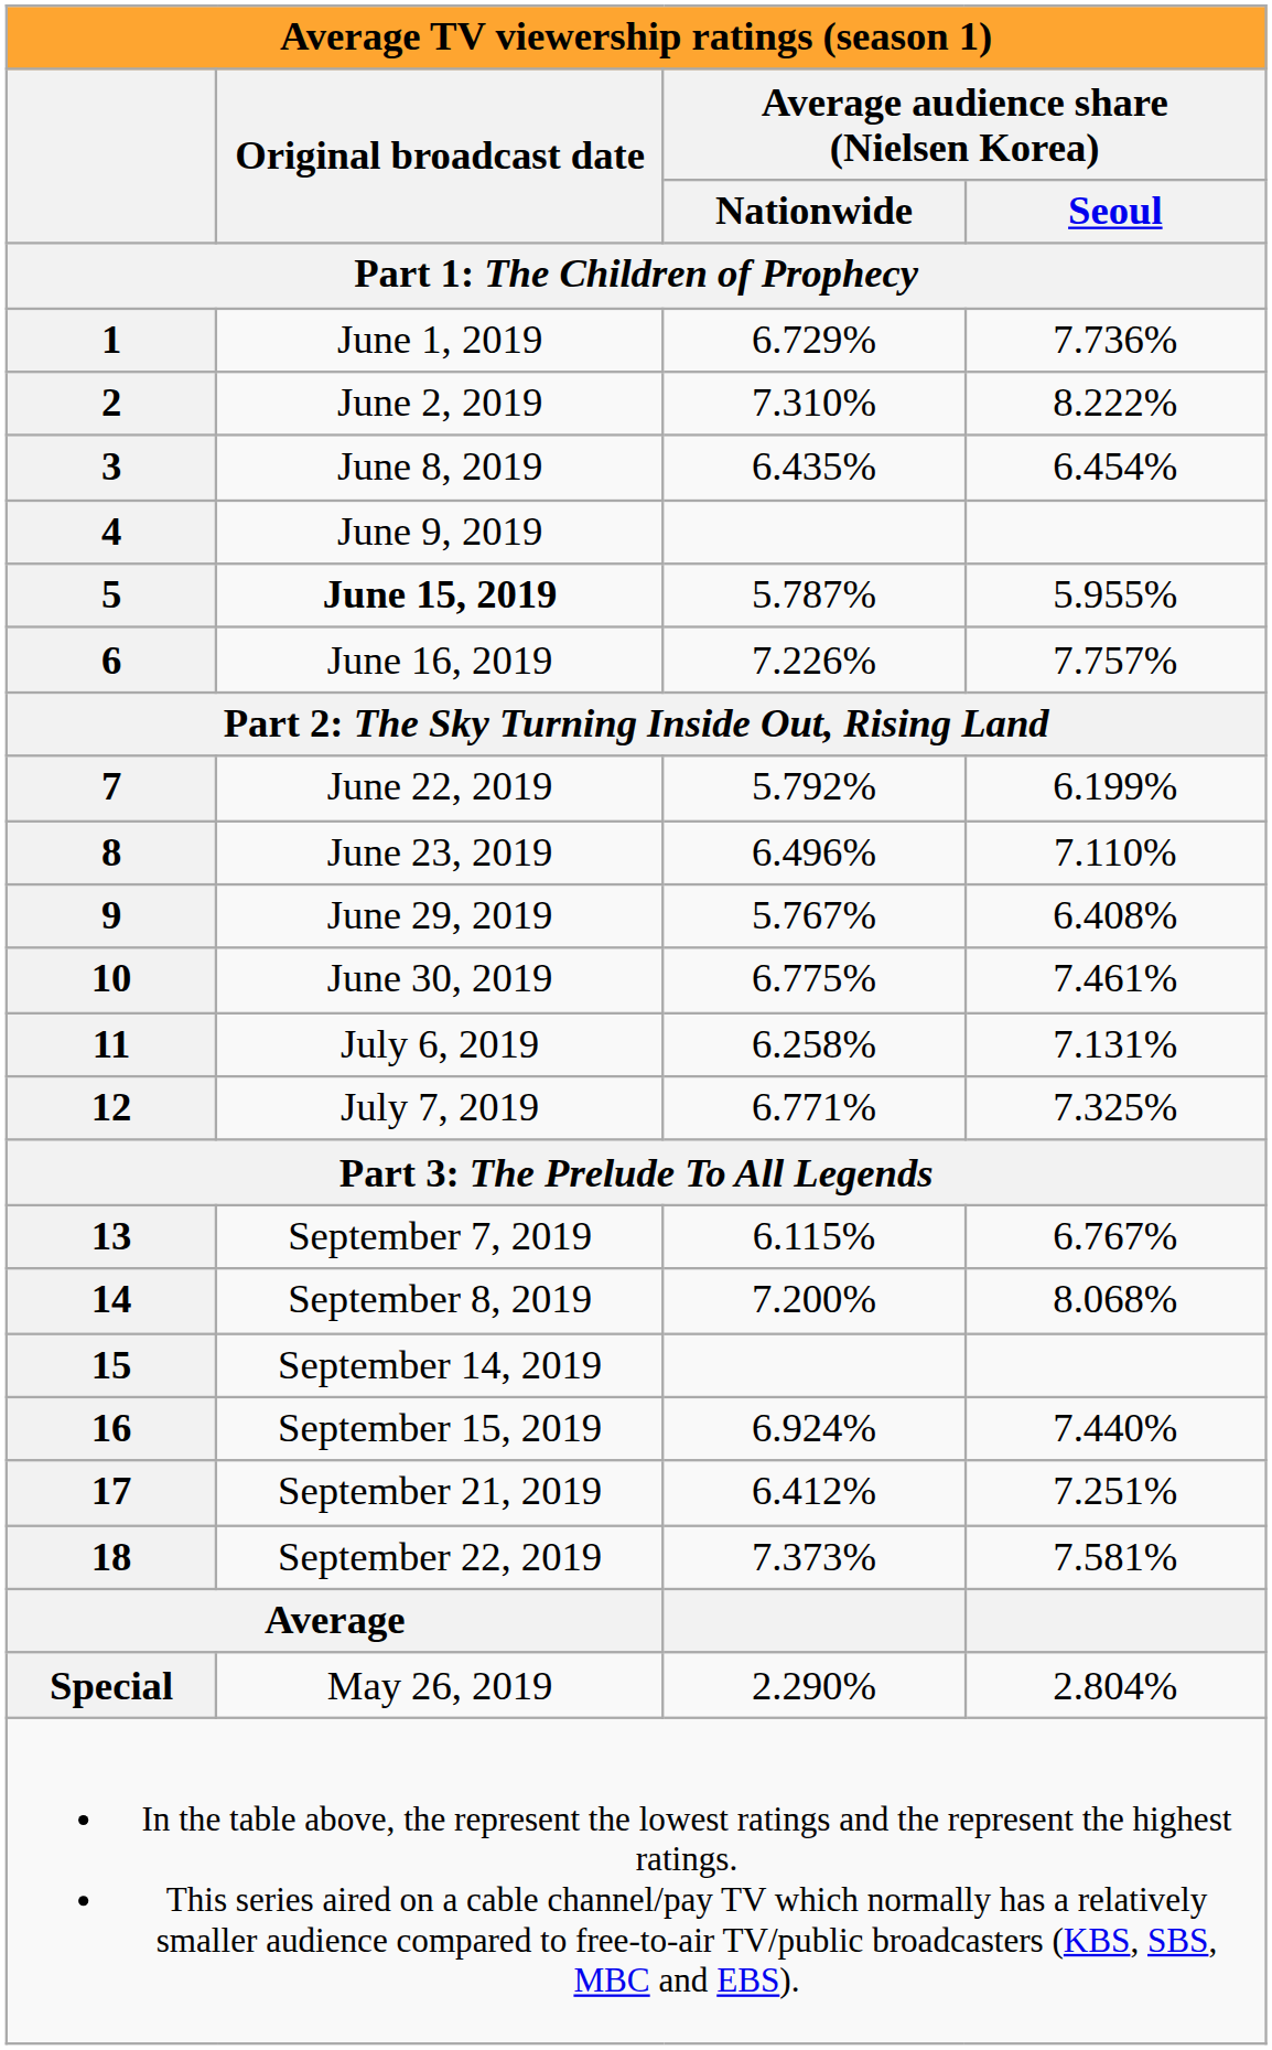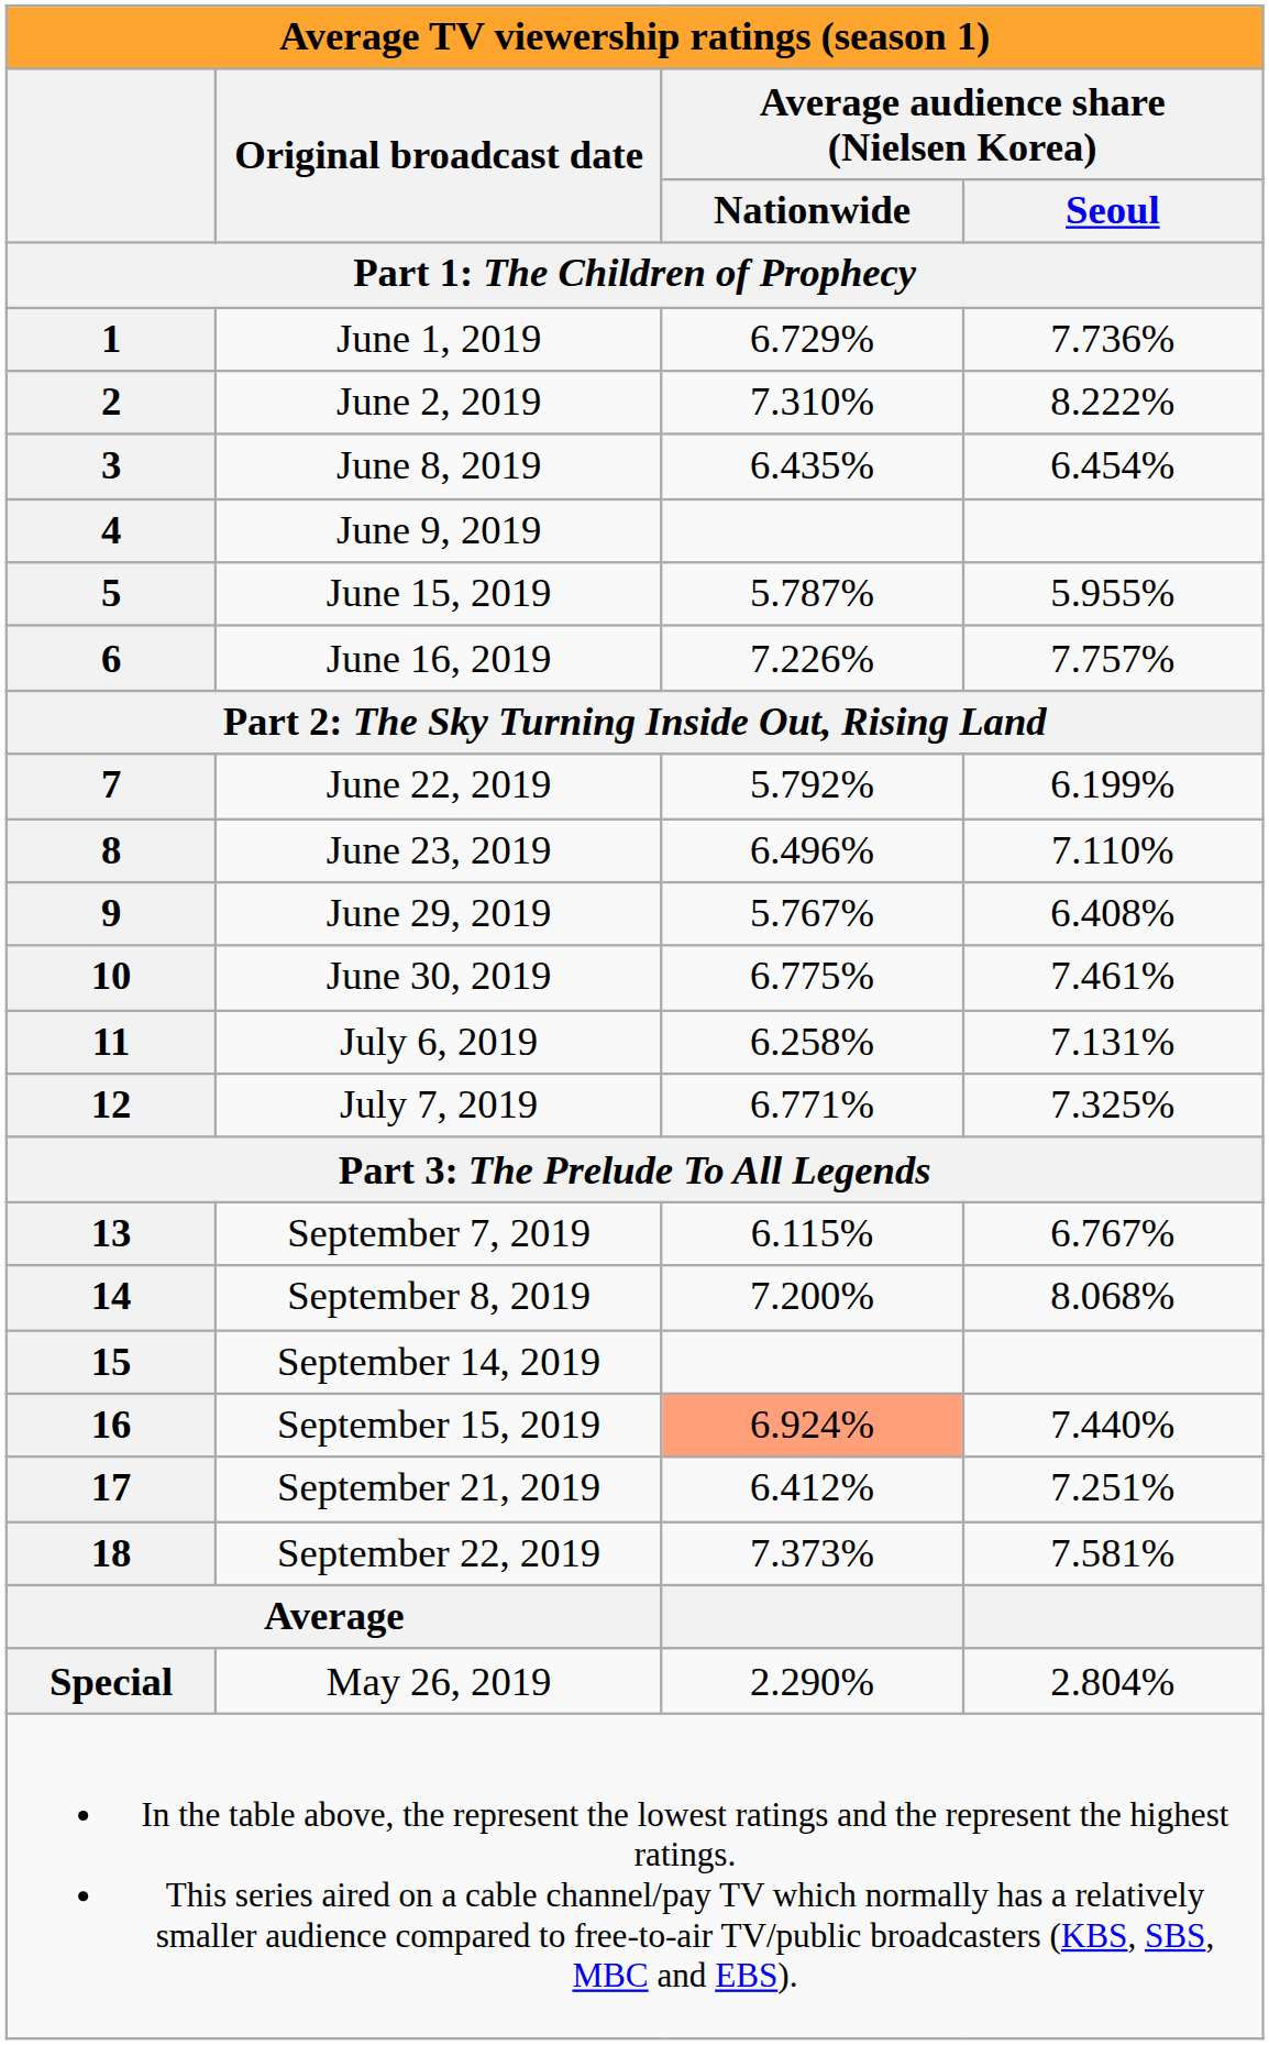 <table class="wikitable collapsible collapsed" style="text-align:center;max-width:500px; margin-left: auto; margin-right: auto; border: none;">
 <tr>
 <th colspan="7" style="background:#FEA530; text-align:center">Average TV viewership ratings (season 1)</th>
 </tr>
 <tr>
 <th scope="col" rowspan="2"></th>
 <th scope="col" rowspan="2">Original broadcast date</th>
 <th scope="col" colspan="2">Average audience share<br>(Nielsen Korea)</th>
 </tr>
 <tr>
 <th scope="col" style="width:7em">Nationwide</th>
 <th scope="col" style="width:7em"><a href='#'>Seoul</a></th>
 </tr>
 <tr>
 <th scope="col" colspan="5">Part 1: <em>The Children of Prophecy</em></th>
 </tr>
 <tr>
 <th scope="row">1</th>
 <td>June 1, 2019</td>
 <td>6.729%</td>
 <td>7.736%</td>
 </tr>
 <tr>
 <th scope="row">2</th>
 <td>June 2, 2019</td>
 <td>7.310%</td>
 <td>8.222%</td>
 </tr>
 <tr>
 <th scope="row">3</th>
 <td>June 8, 2019</td>
 <td>6.435%</td>
 <td>6.454%</td>
 </tr>
 <tr>
 <th scope="row">4</th>
 <td>June 9, 2019</td>
 <td><strong></strong></td>
 <td><strong></strong></td>
 </tr>
 <tr>
 <th scope="row">5</th>
-<td><strong>June 15, 2019</strong></td>
+<td>June 15, 2019</td>
 <td>5.787%</td>
 <td>5.955%</td>
 </tr>
 <tr>
 <th scope="row">6</th>
 <td>June 16, 2019</td>
 <td>7.226%</td>
 <td>7.757%</td>
 </tr>
 <tr>
 <th scope="col" colspan="5">Part 2: <em>The Sky Turning Inside Out, Rising Land</em></th>
 </tr>
 <tr>
 <th scope="row">7</th>
 <td>June 22, 2019</td>
 <td>5.792%</td>
 <td>6.199%</td>
 </tr>
 <tr>
 <th scope="row">8</th>
 <td>June 23, 2019</td>
 <td>6.496%</td>
 <td>7.110%</td>
 </tr>
 <tr>
 <th scope="row">9</th>
 <td>June 29, 2019</td>
 <td>5.767%</td>
 <td>6.408%</td>
 </tr>
 <tr>
 <th scope="row">10</th>
 <td>June 30, 2019</td>
 <td>6.775%</td>
 <td>7.461%</td>
 </tr>
 <tr>
 <th scope="row">11</th>
 <td>July 6, 2019</td>
 <td>6.258%</td>
 <td>7.131%</td>
 </tr>
 <tr>
 <th scope="row">12</th>
 <td>July 7, 2019</td>
 <td>6.771%</td>
 <td>7.325%</td>
 </tr>
 <tr>
 <th scope="col" colspan="5">Part 3: <em>The Prelude To All Legends</em></th>
 </tr>
 <tr>
 <th scope="row">13</th>
 <td>September 7, 2019</td>
 <td>6.115%</td>
 <td>6.767%</td>
 </tr>
 <tr>
 <th scope="row">14</th>
 <td>September 8, 2019</td>
 <td>7.200%</td>
 <td>8.068%</td>
 </tr>
 <tr>
 <th scope="row">15</th>
 <td>September 14, 2019</td>
 <td><strong></strong></td>
 <td><strong></strong></td>
 </tr>
 <tr>
 <th scope="row">16</th>
 <td>September 15, 2019</td>
-<td>6.924%</td>
+<td style="background: lightsalmon;">6.924%</td>
 <td>7.440%</td>
 </tr>
 <tr>
 <th scope="row">17</th>
 <td>September 21, 2019</td>
 <td>6.412%</td>
 <td>7.251%</td>
 </tr>
 <tr>
 <th scope="row">18</th>
 <td>September 22, 2019</td>
 <td>7.373%</td>
 <td>7.581%</td>
 </tr>
 <tr>
 <th scope="col" colspan="2">Average</th>
 <th></th>
 <th></th>
 </tr>
 <tr>
 <th scope="row">Special</th>
 <td>May 26, 2019</td>
 <td>2.290%</td>
 <td>2.804%</td>
 </tr>
 <tr>
 <td colspan="4" style="font-size:85%"><br><ul><li>In the table above, the <strong></strong> represent the lowest ratings and the <strong></strong> represent the highest ratings.</li><li>This series aired on a cable channel/pay TV which normally has a relatively smaller audience compared to free-to-air TV/public broadcasters (<a href='#'>KBS</a>, <a href='#'>SBS</a>, <a href='#'>MBC</a> and <a href='#'>EBS</a>).</li></ul></td>
 </tr>
 </table>
